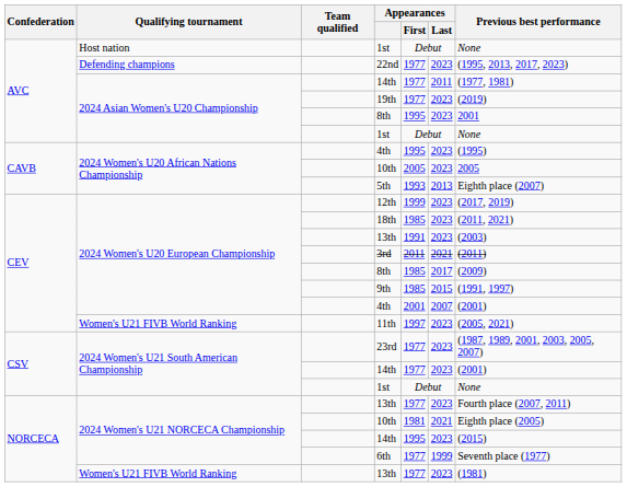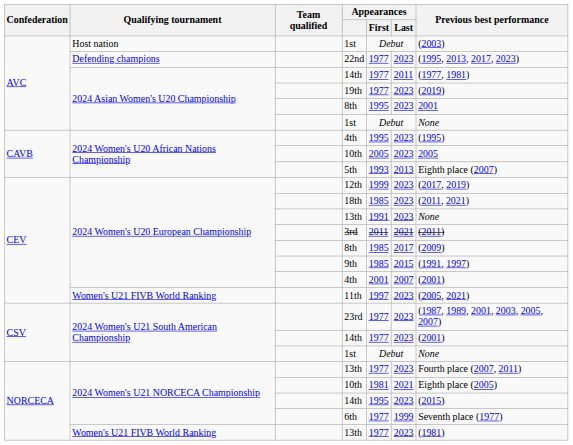 <table class="wikitable" width=910>
 <tr>
 <th rowspan=2>Confederation</th>
 <th rowspan=2>Qualifying tournament</th>
 <th rowspan=2>Team qualified</th>
 <th colspan=3 data-sort-type="number">Appearances</th>
 <th rowspan=2>Previous best performance</th>
 </tr>
 <tr>
 <th></th>
 <th>First</th>
 <th>Last</th>
 </tr>
 <tr>
 <td rowspan=6><a href='#'>AVC</a><br></td>
 <td>Host nation</td>
 <td></td>
 <td>1st</td>
 <td colspan=2 align=center><em>Debut</em></td>
-<td><em>None</em></td>
+<td> (<a href='#'>2003</a>)</td>
 </tr>
 <tr>
 <td><a href='#'>Defending champions</a></td>
 <td></td>
 <td>22nd</td>
 <td><a href='#'>1977</a></td>
 <td><a href='#'>2023</a></td>
 <td> (<a href='#'>1995</a>, <a href='#'>2013</a>, <a href='#'>2017</a>, <a href='#'>2023</a>)</td>
 </tr>
 <tr>
 <td rowspan=4><a href='#'>2024 Asian Women's U20 Championship</a><br></td>
 <td></td>
 <td>14th</td>
 <td><a href='#'>1977</a></td>
 <td><a href='#'>2011</a></td>
 <td> (<a href='#'>1977</a>, <a href='#'>1981</a>)</td>
 </tr>
 <tr>
 <td></td>
 <td>19th</td>
 <td><a href='#'>1977</a></td>
 <td><a href='#'>2023</a></td>
 <td> (<a href='#'>2019</a>)</td>
 </tr>
 <tr>
 <td></td>
 <td>8th</td>
 <td><a href='#'>1995</a></td>
 <td><a href='#'>2023</a></td>
 <td> <a href='#'>2001</a></td>
 </tr>
 <tr>
 <td></td>
 <td>1st</td>
 <td colspan=2 align=center><em>Debut</em></td>
 <td><em>None</em></td>
 </tr>
 <tr>
 <td rowspan=3><a href='#'>CAVB</a><br></td>
 <td rowspan=3><a href='#'>2024 Women's U20 African Nations Championship</a><br></td>
 <td></td>
 <td>4th</td>
 <td><a href='#'>1995</a></td>
 <td><a href='#'>2023</a></td>
 <td> (<a href='#'>1995</a>)</td>
 </tr>
 <tr>
 <td></td>
 <td>10th</td>
 <td><a href='#'>2005</a></td>
 <td><a href='#'>2023</a></td>
 <td> <a href='#'>2005</a></td>
 </tr>
 <tr>
 <td></td>
 <td>5th</td>
 <td><a href='#'>1993</a></td>
 <td><a href='#'>2013</a></td>
 <td>Eighth place (<a href='#'>2007</a>)</td>
 </tr>
 <tr>
 <td rowspan=8><a href='#'>CEV</a><br></td>
 <td rowspan=7><a href='#'>2024 Women's U20 European Championship</a><br></td>
 <td></td>
 <td>12th</td>
 <td><a href='#'>1999</a></td>
 <td><a href='#'>2023</a></td>
 <td> (<a href='#'>2017</a>, <a href='#'>2019</a>)</td>
 </tr>
 <tr>
 <td></td>
 <td>18th</td>
 <td><a href='#'>1985</a></td>
 <td><a href='#'>2023</a></td>
 <td> (<a href='#'>2011</a>, <a href='#'>2021</a>)</td>
 </tr>
 <tr>
 <td></td>
 <td>13th</td>
 <td><a href='#'>1991</a></td>
 <td><a href='#'>2023</a></td>
-<td> (<a href='#'>2003</a>)</td>
+<td><em>None</em></td>
 </tr>
 <tr>
 <td><s></s></td>
 <td><s>3rd</s></td>
 <td><s><a href='#'>2011</a></s></td>
 <td><s><a href='#'>2021</a></s></td>
 <td><s> (<a href='#'>2011</a>)</s></td>
 </tr>
 <tr>
 <td></td>
 <td>8th</td>
 <td><a href='#'>1985</a></td>
 <td><a href='#'>2017</a></td>
 <td> (<a href='#'>2009</a>)</td>
 </tr>
 <tr>
 <td></td>
 <td>9th</td>
 <td><a href='#'>1985</a></td>
 <td><a href='#'>2015</a></td>
 <td> (<a href='#'>1991</a>, <a href='#'>1997</a>)</td>
 </tr>
 <tr>
 <td></td>
 <td>4th</td>
 <td><a href='#'>2001</a></td>
 <td><a href='#'>2007</a></td>
 <td> (<a href='#'>2001</a>)</td>
 </tr>
 <tr>
 <td><a href='#'>Women's U21 FIVB World Ranking</a></td>
 <td></td>
 <td>11th</td>
 <td><a href='#'>1997</a></td>
 <td><a href='#'>2023</a></td>
 <td> (<a href='#'>2005</a>, <a href='#'>2021</a>)</td>
 </tr>
 <tr>
 <td rowspan=3><a href='#'>CSV</a><br></td>
 <td rowspan=3><a href='#'>2024 Women's U21 South American Championship</a><br></td>
 <td></td>
 <td>23rd</td>
 <td><a href='#'>1977</a></td>
 <td><a href='#'>2023</a></td>
 <td> (<a href='#'>1987</a>, <a href='#'>1989</a>, <a href='#'>2001</a>, <a href='#'>2003</a>, <a href='#'>2005</a>, <a href='#'>2007</a>)</td>
 </tr>
 <tr>
 <td></td>
 <td>14th</td>
 <td><a href='#'>1977</a></td>
 <td><a href='#'>2023</a></td>
 <td> (<a href='#'>2001</a>)</td>
 </tr>
 <tr>
 <td></td>
 <td>1st</td>
 <td colspan=2 align=center><em>Debut</em></td>
 <td><em>None</em></td>
 </tr>
 <tr>
 <td rowspan=5><a href='#'>NORCECA</a><br></td>
 <td rowspan=4><a href='#'>2024 Women's U21 NORCECA Championship</a><br></td>
 <td></td>
 <td>13th</td>
 <td><a href='#'>1977</a></td>
 <td><a href='#'>2023</a></td>
 <td>Fourth place (<a href='#'>2007</a>, <a href='#'>2011</a>)</td>
 </tr>
 <tr>
 <td></td>
 <td>10th</td>
 <td><a href='#'>1981</a></td>
 <td><a href='#'>2021</a></td>
 <td>Eighth place (<a href='#'>2005</a>)</td>
 </tr>
 <tr>
 <td></td>
 <td>14th</td>
 <td><a href='#'>1995</a></td>
 <td><a href='#'>2023</a></td>
 <td> (<a href='#'>2015</a>)</td>
 </tr>
 <tr>
 <td></td>
 <td>6th</td>
 <td><a href='#'>1977</a></td>
 <td><a href='#'>1999</a></td>
 <td>Seventh place (<a href='#'>1977</a>)</td>
 </tr>
 <tr>
 <td><a href='#'>Women's U21 FIVB World Ranking</a></td>
 <td></td>
 <td>13th</td>
 <td><a href='#'>1977</a></td>
 <td><a href='#'>2023</a></td>
 <td> (<a href='#'>1981</a>)</td>
 </tr>
 </table>
